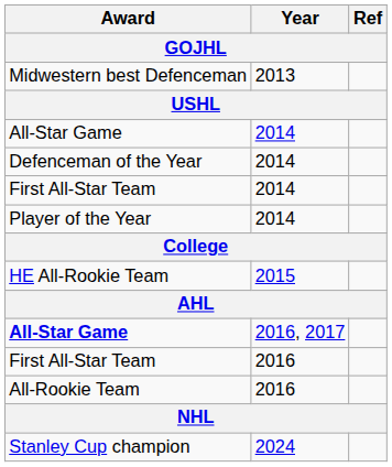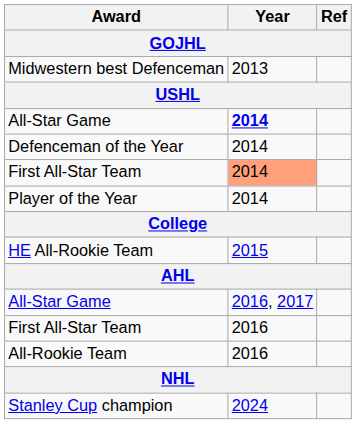 <table class="wikitable">
 <tr>
 <th>Award</th>
 <th>Year</th>
 <th>Ref</th>
 </tr>
 <tr>
 <th colspan="3"><a href='#'>GOJHL</a></th>
 </tr>
 <tr>
 <td>Midwestern best Defenceman</td>
 <td>2013</td>
 <td></td>
 </tr>
 <tr>
 <th colspan="3"><a href='#'>USHL</a></th>
 </tr>
 <tr>
 <td>All-Star Game</td>
-<td><a href='#'>2014</a></td>
+<td><strong><a href='#'>2014</a></strong></td>
 <td></td>
 </tr>
 <tr>
 <td>Defenceman of the Year</td>
 <td>2014</td>
 <td></td>
 </tr>
 <tr>
 <td>First All-Star Team</td>
-<td>2014</td>
+<td style="background: lightsalmon;">2014</td>
 <td></td>
 </tr>
 <tr>
 <td>Player of the Year</td>
 <td>2014</td>
 <td></td>
 </tr>
 <tr>
 <th colspan="3"><a href='#'>College</a></th>
 </tr>
 <tr>
 <td><a href='#'>HE</a> All-Rookie Team</td>
 <td><a href='#'>2015</a></td>
 <td></td>
 </tr>
 <tr>
 <th colspan="3"><a href='#'>AHL</a></th>
 </tr>
 <tr>
-<td><strong><a href='#'>All-Star Game</a></strong></td>
+<td><a href='#'>All-Star Game</a></td>
 <td><a href='#'>2016</a>, <a href='#'>2017</a></td>
 <td></td>
 </tr>
 <tr>
 <td>First All-Star Team</td>
 <td>2016</td>
 <td></td>
 </tr>
 <tr>
 <td>All-Rookie Team</td>
 <td>2016</td>
 <td></td>
 </tr>
 <tr>
 <th colspan="3"><a href='#'>NHL</a></th>
 </tr>
 <tr>
 <td><a href='#'>Stanley Cup</a> champion</td>
 <td><a href='#'>2024</a></td>
 <td></td>
 </tr>
 </table>
